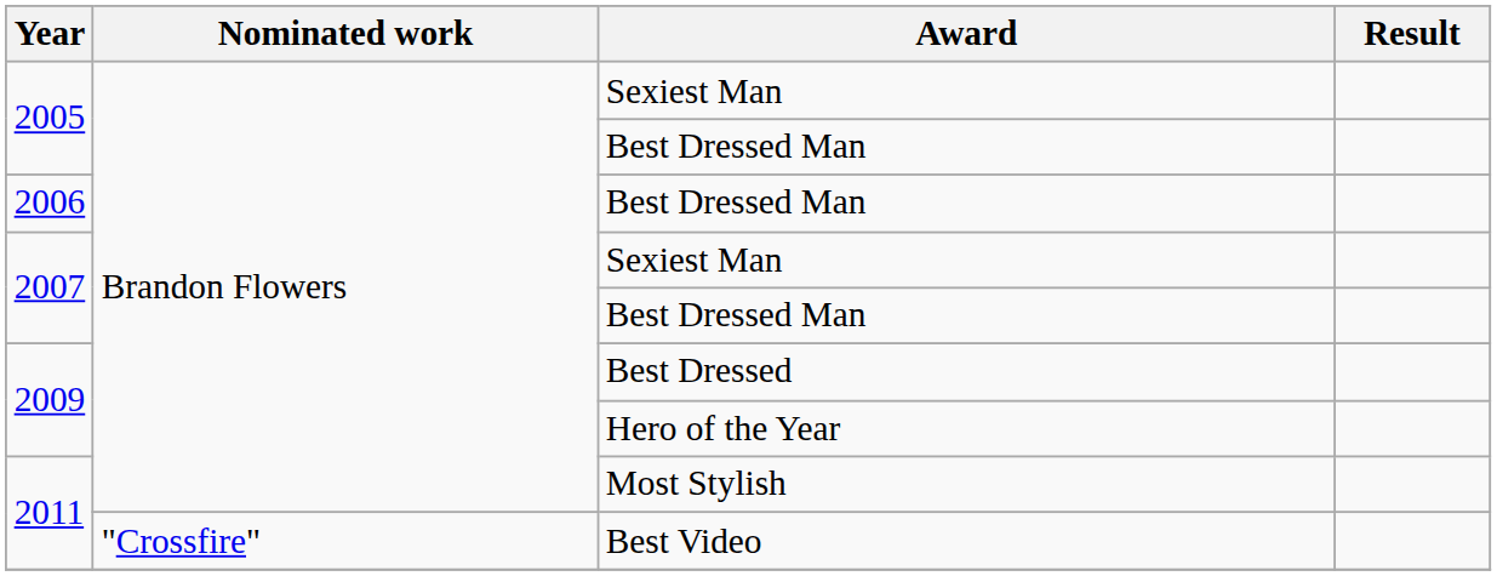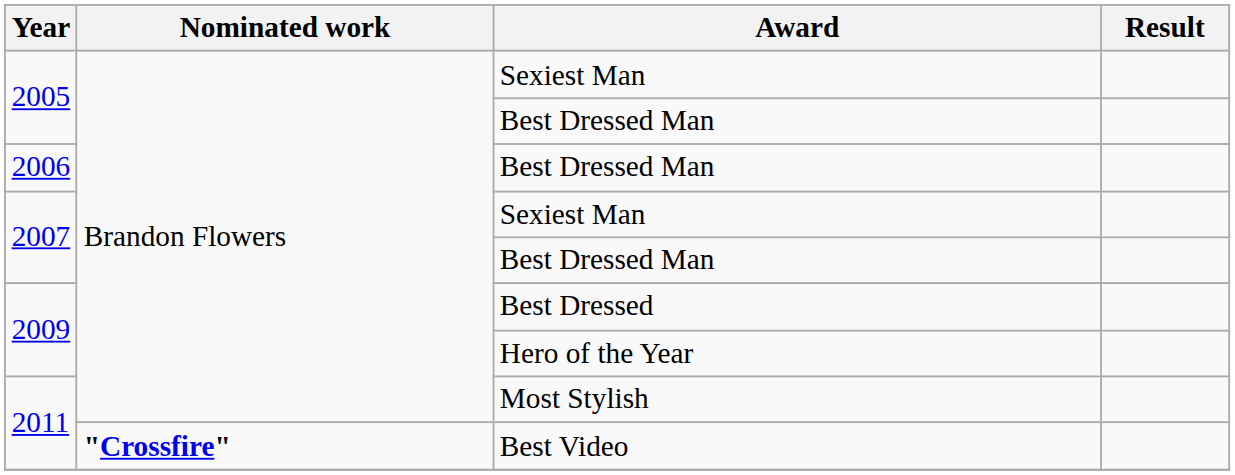 <table class=wikitable>
 <tr>
 <th>Year</th>
 <th width="220">Nominated work</th>
 <th width="325">Award</th>
 <th width="62">Result</th>
 </tr>
 <tr>
 <td rowspan="2"><a href='#'>2005</a></td>
 <td rowspan="8">Brandon Flowers</td>
 <td>Sexiest Man</td>
 <td></td>
 </tr>
 <tr>
 <td>Best Dressed Man</td>
 <td></td>
 </tr>
 <tr>
 <td rowspan="1"><a href='#'>2006</a></td>
 <td>Best Dressed Man</td>
 <td></td>
 </tr>
 <tr>
 <td rowspan="2"><a href='#'>2007</a></td>
 <td>Sexiest Man</td>
 <td></td>
 </tr>
 <tr>
 <td>Best Dressed Man</td>
 <td></td>
 </tr>
 <tr>
 <td rowspan="2"><a href='#'>2009</a></td>
 <td>Best Dressed</td>
 <td></td>
 </tr>
 <tr>
 <td>Hero of the Year</td>
 <td></td>
 </tr>
 <tr>
 <td rowspan="2"><a href='#'>2011</a></td>
 <td>Most Stylish</td>
 <td></td>
 </tr>
 <tr>
-<td>"<a href='#'>Crossfire</a>"</td>
+<td><strong>"<a href='#'>Crossfire</a>"</strong></td>
 <td>Best Video</td>
 <td></td>
 </tr>
 <tr>
 </tr>
 </table>
